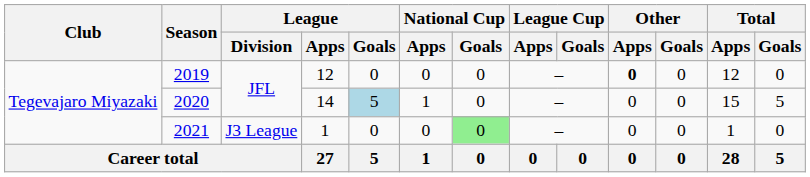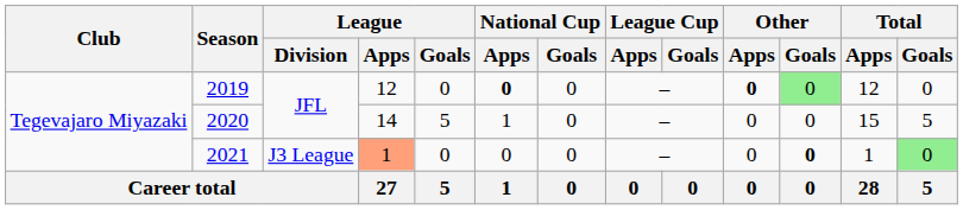 <table class="wikitable" style="text-align: center">
 <tr>
 <th rowspan="2">Club</th>
 <th rowspan="2">Season</th>
 <th colspan="3">League</th>
 <th colspan="2">National Cup</th>
 <th colspan="2">League Cup</th>
 <th colspan="2">Other</th>
 <th colspan="2">Total</th>
 </tr>
 <tr>
 <th>Division</th>
 <th>Apps</th>
 <th>Goals</th>
 <th>Apps</th>
 <th>Goals</th>
 <th>Apps</th>
 <th>Goals</th>
 <th>Apps</th>
 <th>Goals</th>
 <th>Apps</th>
 <th>Goals</th>
 </tr>
 <tr>
 <td rowspan="3"><a href='#'>Tegevajaro Miyazaki</a></td>
 <td><a href='#'>2019</a></td>
 <td rowspan="2"><a href='#'>JFL</a></td>
 <td>12</td>
 <td>0</td>
-<td>0</td>
+<td><strong>0</strong></td>
 <td>0</td>
 <td colspan="2">–</td>
 <td><strong>0</strong></td>
-<td>0</td>
+<td style="background: lightgreen;">0</td>
 <td>12</td>
 <td>0</td>
 </tr>
 <tr>
 <td><a href='#'>2020</a></td>
 <td>14</td>
-<td style="background: lightblue;">5</td>
+<td>5</td>
 <td>1</td>
 <td>0</td>
 <td colspan="2">–</td>
 <td>0</td>
 <td>0</td>
 <td>15</td>
 <td>5</td>
 </tr>
 <tr>
 <td><a href='#'>2021</a></td>
 <td><a href='#'>J3 League</a></td>
-<td>1</td>
+<td style="background: lightsalmon;">1</td>
 <td>0</td>
 <td>0</td>
-<td style="background: lightgreen;">0</td>
+<td>0</td>
 <td colspan="2">–</td>
 <td>0</td>
-<td>0</td>
+<td><strong>0</strong></td>
 <td>1</td>
-<td>0</td>
+<td style="background: lightgreen;">0</td>
 </tr>
 <tr>
 <th colspan=3>Career total</th>
 <th>27</th>
 <th>5</th>
 <th>1</th>
 <th>0</th>
 <th>0</th>
 <th>0</th>
 <th>0</th>
 <th>0</th>
 <th>28</th>
 <th>5</th>
 </tr>
 </table>
